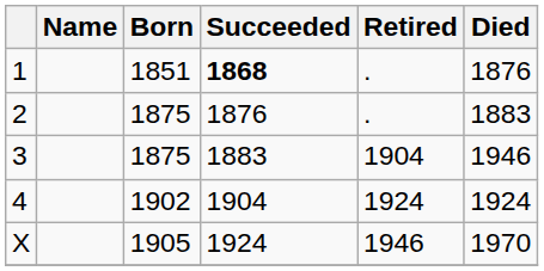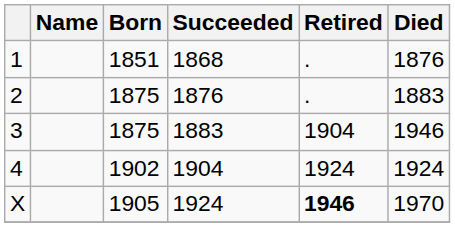 <table class=wikitable>
 <tr>
 <th></th>
 <th>Name</th>
 <th>Born</th>
 <th>Succeeded</th>
 <th>Retired</th>
 <th>Died</th>
 </tr>
 <tr>
 <td>1</td>
 <td></td>
 <td>1851</td>
-<td><strong>1868</strong></td>
+<td>1868</td>
 <td>.</td>
 <td>1876</td>
 </tr>
 <tr>
 <td>2</td>
 <td></td>
 <td>1875</td>
 <td>1876</td>
 <td>.</td>
 <td>1883</td>
 </tr>
 <tr>
 <td>3</td>
 <td></td>
 <td>1875</td>
 <td>1883</td>
 <td>1904</td>
 <td>1946</td>
 </tr>
 <tr>
 <td>4</td>
 <td></td>
 <td>1902</td>
 <td>1904</td>
 <td>1924</td>
 <td>1924</td>
 </tr>
 <tr>
 <td>X</td>
 <td></td>
 <td>1905</td>
 <td>1924</td>
-<td>1946</td>
+<td><strong>1946</strong></td>
 <td>1970</td>
 </tr>
 <tr>
 </tr>
 </table>
